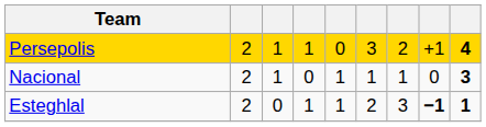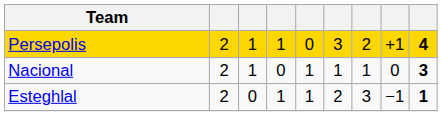 <table class="wikitable" style="text-align:center;">
 <tr>
 <th width=190>Team</th>
 <th width=20></th>
 <th width=20></th>
 <th width=20></th>
 <th width=20></th>
 <th width=20></th>
 <th width=20></th>
 <th width=20></th>
 <th width=20></th>
 </tr>
 <tr bgcolor=gold>
 <td align="left"> <a href='#'>Persepolis</a></td>
 <td>2</td>
 <td>1</td>
 <td>1</td>
 <td>0</td>
 <td>3</td>
 <td>2</td>
 <td>+1</td>
 <td><strong>4</strong></td>
 </tr>
 <tr>
 <td align="left"> <a href='#'>Nacional</a></td>
 <td>2</td>
 <td>1</td>
 <td>0</td>
 <td>1</td>
 <td>1</td>
 <td>1</td>
 <td>0</td>
 <td><strong>3</strong></td>
 </tr>
 <tr>
 <td align="left"> <a href='#'>Esteghlal</a></td>
 <td>2</td>
 <td>0</td>
 <td>1</td>
 <td>1</td>
 <td>2</td>
 <td>3</td>
-<td><strong>−1</strong></td>
+<td>−1</td>
 <td><strong>1</strong></td>
 </tr>
 <tr>
 </tr>
 </table>
